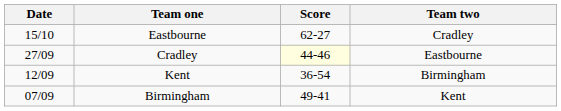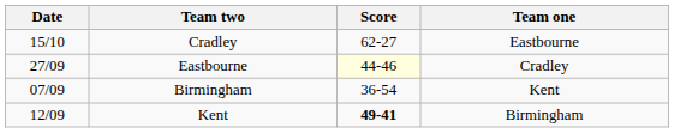 <table class="wikitable" style="text-align: center">
 <tr>
 <th width=80>Date</th>
+<th width=250>Team two</th>
+<th width=80>Score</th>
 <th width=250>Team one</th>
-<th width=80>Score</th>
-<th width=250>Team two</th>
 </tr>
 <tr>
 <td>15/10</td>
+<td>Cradley</td>
+<td>62-27</td>
 <td>Eastbourne</td>
-<td>62-27</td>
+</tr>
+<tr>
+<td>27/09</td>
+<td>Eastbourne</td>
+<td style="background: lightyellow;">44-46</td>
 <td>Cradley</td>
 </tr>
 <tr>
-<td>27/09</td>
-<td>Cradley</td>
-<td style="background: lightyellow;">44-46</td>
-<td>Eastbourne</td>
+<td>07/09</td>
+<td>Birmingham</td>
+<td>36-54</td>
+<td>Kent</td>
 </tr>
 <tr>
 <td>12/09</td>
 <td>Kent</td>
-<td>36-54</td>
+<td><strong>49-41</strong></td>
 <td>Birmingham</td>
 </tr>
-<tr>
-<td>07/09</td>
-<td>Birmingham</td>
-<td>49-41</td>
-<td>Kent</td>
-</tr>
 </table>
